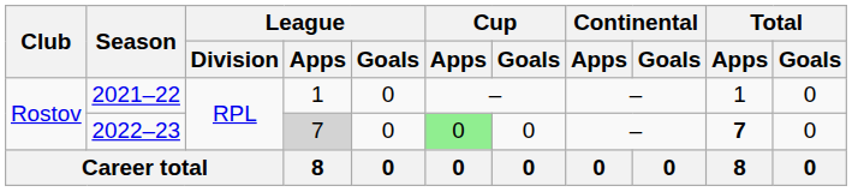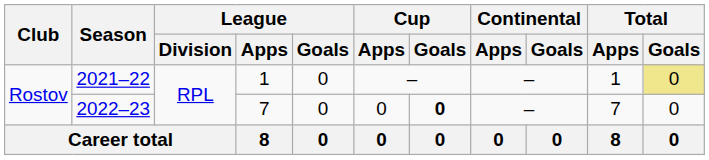 <table class="wikitable" style="text-align: center;">
 <tr>
 <th rowspan=2>Club</th>
 <th rowspan=2>Season</th>
 <th colspan=3>League</th>
 <th colspan=2>Cup</th>
 <th colspan=2>Continental</th>
 <th colspan=2>Total</th>
 </tr>
 <tr>
 <th>Division</th>
 <th>Apps</th>
 <th>Goals</th>
 <th>Apps</th>
 <th>Goals</th>
 <th>Apps</th>
 <th>Goals</th>
 <th>Apps</th>
 <th>Goals</th>
 </tr>
 <tr>
 <td rowspan="2"><a href='#'>Rostov</a></td>
 <td><a href='#'>2021–22</a></td>
 <td rowspan="2"><a href='#'>RPL</a></td>
 <td>1</td>
 <td>0</td>
 <td colspan=2>–</td>
 <td colspan=2>–</td>
 <td>1</td>
-<td>0</td>
+<td style="background: khaki;">0</td>
 </tr>
 <tr>
 <td><a href='#'>2022–23</a></td>
-<td style="background: lightgrey;">7</td>
+<td>7</td>
 <td>0</td>
-<td style="background: lightgreen;">0</td>
 <td>0</td>
+<td><strong>0</strong></td>
 <td colspan=2>–</td>
-<td><strong>7</strong></td>
+<td>7</td>
 <td>0</td>
 </tr>
 <tr>
 <th colspan=3>Career total</th>
 <th>8</th>
 <th>0</th>
 <th>0</th>
 <th>0</th>
 <th>0</th>
 <th>0</th>
 <th>8</th>
 <th>0</th>
 </tr>
 </table>
